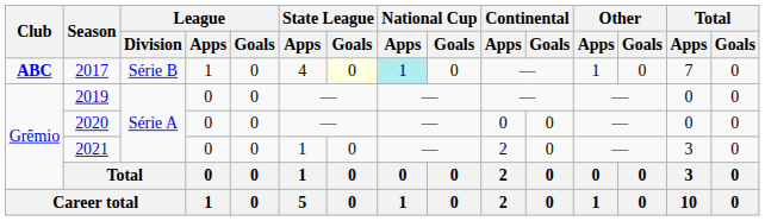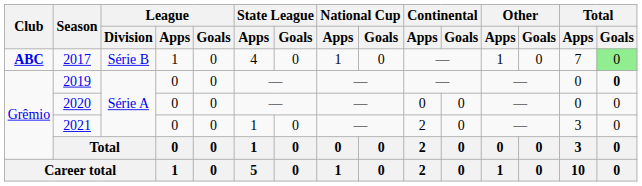 <table class="wikitable" style="text-align: center">
 <tr>
 <th rowspan="2">Club</th>
 <th rowspan="2">Season</th>
 <th colspan="3">League</th>
 <th colspan="2">State League</th>
 <th colspan="2">National Cup</th>
 <th colspan="2">Continental</th>
 <th colspan="2">Other</th>
 <th colspan="2">Total</th>
 </tr>
 <tr>
 <th>Division</th>
 <th>Apps</th>
 <th>Goals</th>
 <th>Apps</th>
 <th>Goals</th>
 <th>Apps</th>
 <th>Goals</th>
 <th>Apps</th>
 <th>Goals</th>
 <th>Apps</th>
 <th>Goals</th>
 <th>Apps</th>
 <th>Goals</th>
 </tr>
 <tr>
 <td><strong><a href='#'>ABC</a></strong></td>
 <td><a href='#'>2017</a></td>
 <td><a href='#'>Série B</a></td>
 <td>1</td>
 <td>0</td>
 <td>4</td>
-<td style="background: lightyellow;">0</td>
-<td style="background: paleturquoise;">1</td>
+<td>0</td>
+<td>1</td>
 <td>0</td>
 <td colspan="2">—</td>
 <td>1</td>
 <td>0</td>
 <td>7</td>
-<td>0</td>
+<td style="background: lightgreen;">0</td>
 </tr>
 <tr>
 <td rowspan=4><a href='#'>Grêmio</a></td>
 <td><a href='#'>2019</a></td>
 <td rowspan=3><a href='#'>Série A</a></td>
 <td>0</td>
 <td>0</td>
 <td colspan="2">—</td>
 <td colspan="2">—</td>
 <td colspan="2">—</td>
 <td colspan="2">—</td>
 <td>0</td>
-<td>0</td>
+<td><strong>0</strong></td>
 </tr>
 <tr>
 <td><a href='#'>2020</a></td>
 <td>0</td>
 <td>0</td>
 <td colspan="2">—</td>
 <td colspan="2">—</td>
 <td>0</td>
 <td>0</td>
 <td colspan="2">—</td>
 <td>0</td>
 <td>0</td>
 </tr>
 <tr>
 <td><a href='#'>2021</a></td>
 <td>0</td>
 <td>0</td>
 <td>1</td>
 <td>0</td>
 <td colspan="2">—</td>
 <td>2</td>
 <td>0</td>
 <td colspan="2">—</td>
 <td>3</td>
 <td>0</td>
 </tr>
 <tr>
 <th colspan=2>Total</th>
 <th>0</th>
 <th>0</th>
 <th>1</th>
 <th>0</th>
 <th>0</th>
 <th>0</th>
 <th>2</th>
 <th>0</th>
 <th>0</th>
 <th>0</th>
 <th>3</th>
 <th>0</th>
 </tr>
 <tr>
 <th colspan="3"><strong>Career total</strong></th>
 <th>1</th>
 <th>0</th>
 <th>5</th>
 <th>0</th>
 <th>1</th>
 <th>0</th>
 <th>2</th>
 <th>0</th>
 <th>1</th>
 <th>0</th>
 <th>10</th>
 <th>0</th>
 </tr>
 </table>
